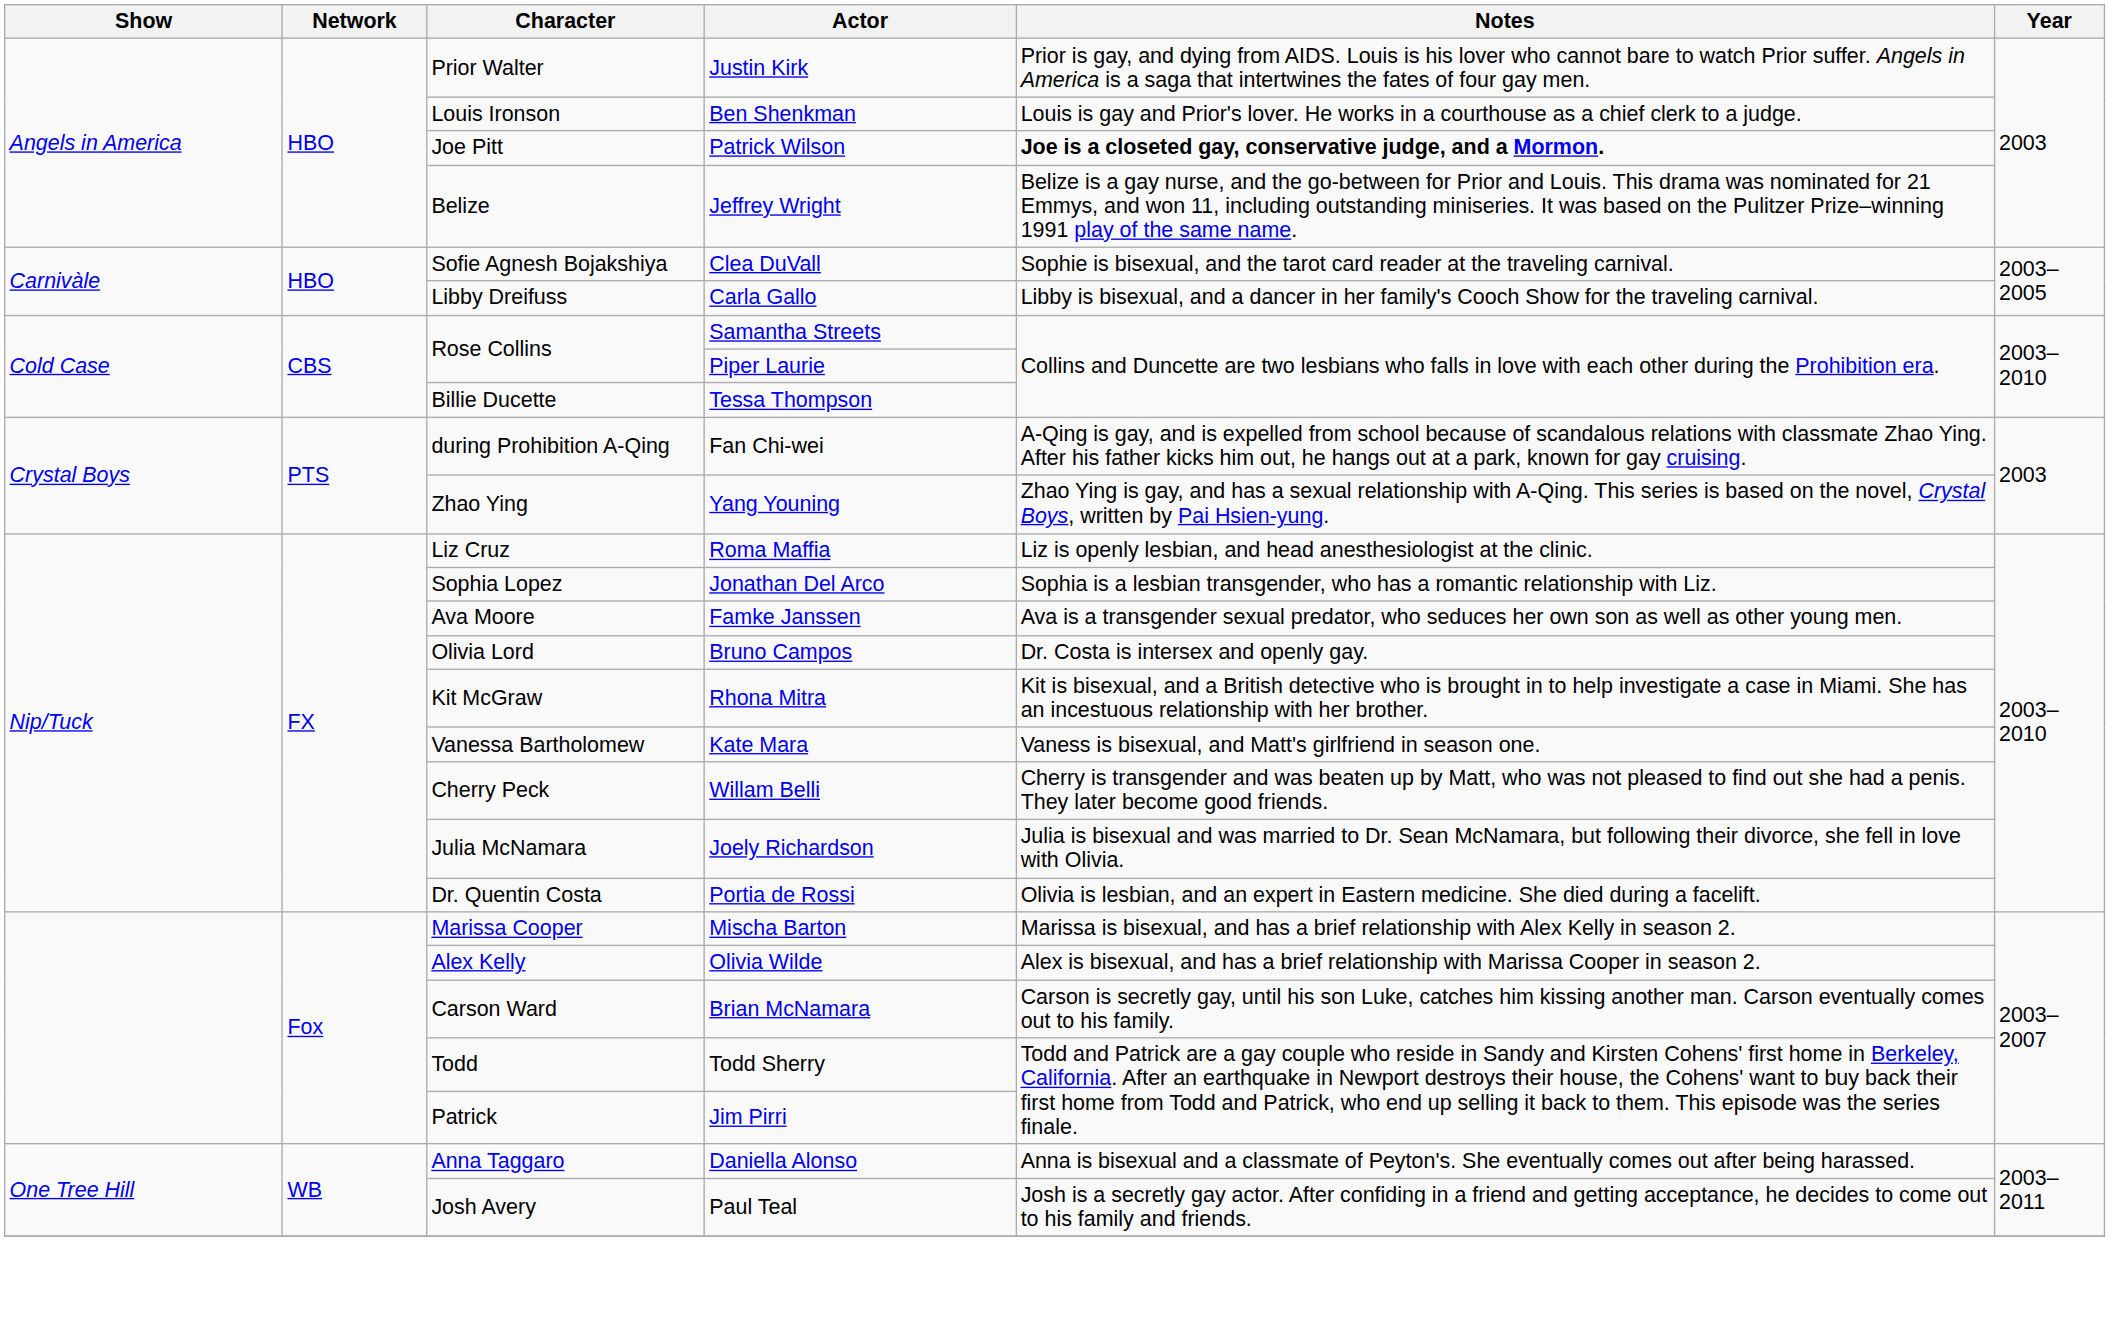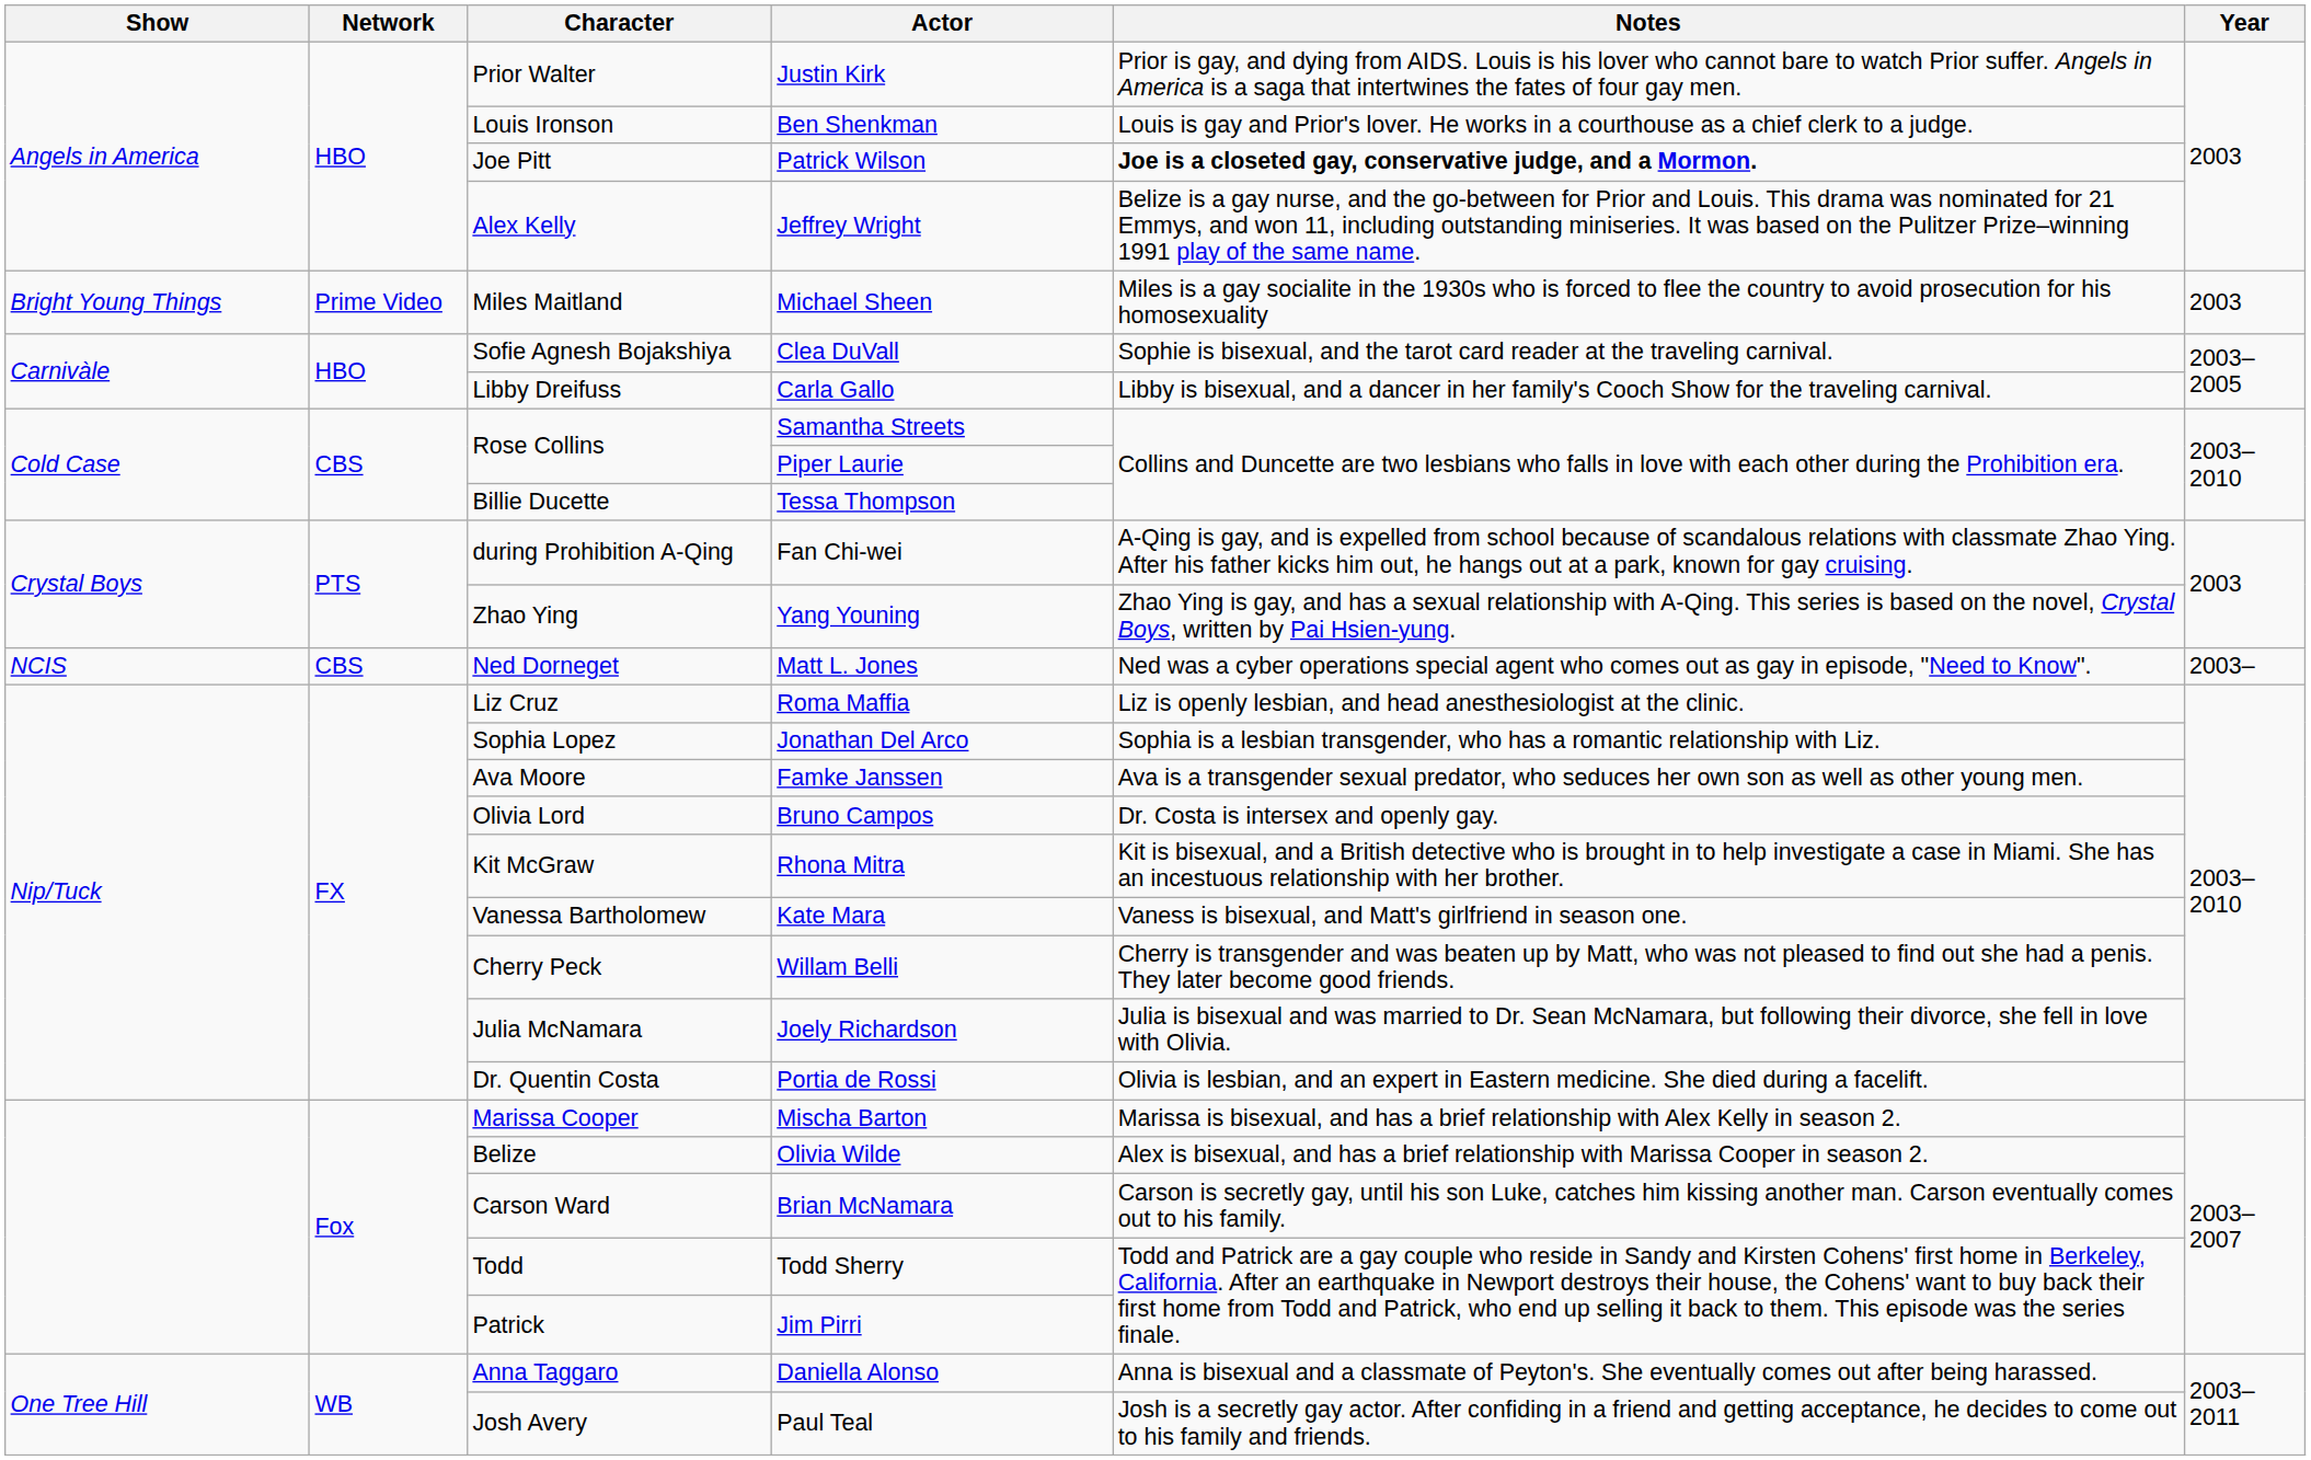 <table class="sortable wikitable" style="margins:auto; width=100%;">
 <tr>
 <th style="width:200px;">Show</th>
 <th style="width:100px;">Network</th>
 <th style="width:200px;">Character</th>
 <th style="width:225px;">Actor</th>
 <th>Notes</th>
 <th style="width:75px;">Year</th>
 </tr>
 <tr>
 <td rowspan="4"><em><a href='#'>Angels in America</a></em></td>
 <td rowspan="4"><a href='#'>HBO</a></td>
 <td>Prior Walter</td>
 <td><a href='#'>Justin Kirk</a></td>
 <td>Prior is gay, and dying from AIDS. Louis is his lover who cannot bare to watch Prior suffer. <em>Angels in America</em> is a saga that intertwines the fates of four gay men.</td>
 <td rowspan="4">2003</td>
 </tr>
 <tr>
 <td>Louis Ironson</td>
 <td><a href='#'>Ben Shenkman</a></td>
 <td>Louis is gay and Prior's lover. He works in a courthouse as a chief clerk to a judge.</td>
 </tr>
 <tr>
 <td>Joe Pitt</td>
 <td><a href='#'>Patrick Wilson</a></td>
 <td><strong>Joe is a closeted gay, conservative judge, and a <a href='#'>Mormon</a>.</strong></td>
 </tr>
 <tr>
-<td>Belize</td>
+<td><a href='#'>Alex Kelly</a></td>
 <td><a href='#'>Jeffrey Wright</a></td>
 <td>Belize is a gay nurse, and the go-between for Prior and Louis. This drama was nominated for 21 Emmys, and won 11, including outstanding miniseries. It was based on the Pulitzer Prize–winning 1991 <a href='#'>play of the same name</a>.</td>
+</tr>
+<tr>
+<td><em><a href='#'>Bright Young Things</a></em></td>
+<td><a href='#'>Prime Video</a></td>
+<td>Miles Maitland</td>
+<td><a href='#'>Michael Sheen</a></td>
+<td>Miles is a gay socialite in the 1930s who is forced to flee the country to avoid prosecution for his homosexuality</td>
+<td>2003</td>
 </tr>
 <tr>
 <td rowspan="2"><em><a href='#'>Carnivàle</a></em></td>
 <td rowspan="2"><a href='#'>HBO</a></td>
 <td>Sofie Agnesh Bojakshiya</td>
 <td><a href='#'>Clea DuVall</a></td>
 <td>Sophie is bisexual, and the tarot card reader at the traveling carnival.</td>
 <td rowspan="2">2003–2005</td>
 </tr>
 <tr>
 <td>Libby Dreifuss</td>
 <td><a href='#'>Carla Gallo</a></td>
 <td>Libby is bisexual, and a dancer in her family's Cooch Show for the traveling carnival.</td>
 </tr>
 <tr>
 <td rowspan="3"><em><a href='#'>Cold Case</a></em></td>
 <td rowspan="3"><a href='#'>CBS</a></td>
 <td rowspan="2">Rose Collins</td>
 <td><a href='#'>Samantha Streets</a></td>
 <td rowspan="3">Collins and Duncette are two lesbians who falls in love with each other during the  <a href='#'>Prohibition era</a>.</td>
 <td rowspan="3">2003–2010</td>
 </tr>
 <tr>
 <td><a href='#'>Piper Laurie</a></td>
 </tr>
 <tr>
 <td>Billie Ducette</td>
 <td><a href='#'>Tessa Thompson</a></td>
 </tr>
 <tr>
 <td rowspan="2"><em><a href='#'>Crystal Boys</a></em></td>
 <td rowspan="2"><a href='#'>PTS</a></td>
 <td>during Prohibition A-Qing</td>
 <td>Fan Chi-wei</td>
 <td>A-Qing is gay, and is expelled from school because of scandalous relations with classmate Zhao Ying. After his father kicks him out, he hangs out at a park, known for gay <a href='#'>cruising</a>.</td>
 <td rowspan="2">2003</td>
 </tr>
 <tr>
 <td>Zhao Ying</td>
 <td><a href='#'>Yang Youning</a></td>
 <td>Zhao Ying is gay, and has a sexual relationship with A-Qing. This series is based on the novel, <em><a href='#'>Crystal Boys</a></em>,  written by <a href='#'>Pai Hsien-yung</a>.</td>
+</tr>
+<tr>
+<td><em><a href='#'>NCIS</a></em></td>
+<td><a href='#'>CBS</a></td>
+<td><a href='#'>Ned Dorneget</a></td>
+<td><a href='#'>Matt L. Jones</a></td>
+<td>Ned was a cyber operations special agent who comes out as gay in episode, "<a href='#'>Need to Know</a>".</td>
+<td>2003–</td>
 </tr>
 <tr>
 <td rowspan="9"><em><a href='#'>Nip/Tuck</a></em></td>
 <td rowspan="9"><a href='#'>FX</a></td>
 <td>Liz Cruz</td>
 <td><a href='#'>Roma Maffia</a></td>
 <td>Liz is openly lesbian, and head anesthesiologist at the clinic.</td>
 <td rowspan="9">2003–2010</td>
 </tr>
 <tr>
 <td>Sophia Lopez</td>
 <td><a href='#'>Jonathan Del Arco</a></td>
 <td>Sophia is a lesbian transgender, who has a romantic relationship with Liz.</td>
 </tr>
 <tr>
 <td>Ava Moore</td>
 <td><a href='#'>Famke Janssen</a></td>
 <td>Ava is a transgender sexual predator, who seduces her own son as well as other young men.</td>
 </tr>
 <tr>
 <td>Olivia Lord</td>
 <td><a href='#'>Bruno Campos</a></td>
 <td>Dr. Costa is intersex and openly gay.</td>
 </tr>
 <tr>
 <td>Kit McGraw</td>
 <td><a href='#'>Rhona Mitra</a></td>
 <td>Kit is bisexual, and a British detective who is brought in to help investigate a case in Miami. She has an incestuous relationship with her brother.</td>
 </tr>
 <tr>
 <td>Vanessa Bartholomew</td>
 <td><a href='#'>Kate Mara</a></td>
 <td>Vaness is bisexual, and Matt's girlfriend in season one.</td>
 </tr>
 <tr>
 <td>Cherry Peck</td>
 <td><a href='#'>Willam Belli</a></td>
 <td>Cherry is transgender and was beaten up by Matt, who was not pleased to find out she had a penis. They later become good friends.</td>
 </tr>
 <tr>
 <td>Julia McNamara</td>
 <td><a href='#'>Joely Richardson</a></td>
 <td>Julia is bisexual and was married to Dr. Sean McNamara, but following their divorce, she fell in love with Olivia.</td>
 </tr>
 <tr>
 <td>Dr. Quentin Costa</td>
 <td><a href='#'>Portia de Rossi</a></td>
 <td>Olivia is lesbian, and an expert in Eastern medicine. She died during a facelift.</td>
 </tr>
 <tr>
 <td rowspan="5"><em></em></td>
 <td rowspan="5"><a href='#'>Fox</a></td>
 <td><a href='#'>Marissa Cooper</a></td>
 <td><a href='#'>Mischa Barton</a></td>
 <td>Marissa is bisexual, and has a brief relationship with Alex Kelly in season 2.</td>
 <td rowspan="5">2003–2007</td>
 </tr>
 <tr>
-<td><a href='#'>Alex Kelly</a></td>
+<td>Belize</td>
 <td><a href='#'>Olivia Wilde</a></td>
 <td>Alex is bisexual, and has a brief relationship with Marissa Cooper in season 2.</td>
 </tr>
 <tr>
 <td>Carson Ward</td>
 <td><a href='#'>Brian McNamara</a></td>
 <td>Carson is secretly gay, until his son Luke, catches him kissing another man. Carson eventually comes out to his family.</td>
 </tr>
 <tr>
 <td>Todd</td>
 <td>Todd Sherry</td>
 <td rowspan="2">Todd and Patrick are a gay couple who reside in Sandy and Kirsten Cohens' first home in <a href='#'>Berkeley, California</a>. After an earthquake in Newport destroys their house, the Cohens' want to buy back their first home from Todd and Patrick, who end up selling it back to them. This episode was the series finale.</td>
 </tr>
 <tr>
 <td>Patrick</td>
 <td><a href='#'>Jim Pirri</a></td>
 </tr>
 <tr>
 <td rowspan="2"><em><a href='#'>One Tree Hill</a></em></td>
 <td rowspan="2"><a href='#'>WB</a></td>
 <td><a href='#'>Anna Taggaro</a></td>
 <td><a href='#'>Daniella Alonso</a></td>
 <td>Anna is bisexual and a classmate of Peyton's. She eventually comes out after being harassed.</td>
 <td rowspan="2">2003–2011</td>
 </tr>
 <tr>
 <td>Josh Avery</td>
 <td>Paul Teal</td>
 <td>Josh is a secretly gay actor. After confiding in a friend and getting acceptance, he decides to come out to his family and friends.</td>
 </tr>
 <tr>
 </tr>
 </table>
